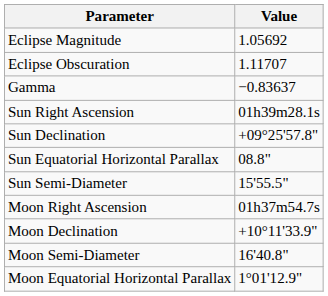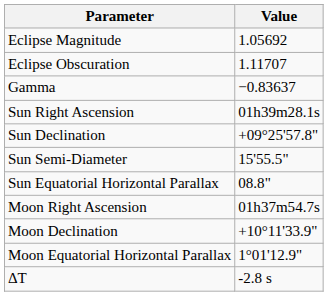 <table class="wikitable">
 <tr>
 <th>Parameter</th>
 <th>Value</th>
 </tr>
 <tr>
 <td>Eclipse Magnitude</td>
 <td>1.05692</td>
 </tr>
 <tr>
 <td>Eclipse Obscuration</td>
 <td>1.11707</td>
 </tr>
 <tr>
 <td>Gamma</td>
 <td>−0.83637</td>
 </tr>
 <tr>
 <td>Sun Right Ascension</td>
 <td>01h39m28.1s</td>
 </tr>
 <tr>
 <td>Sun Declination</td>
 <td>+09°25'57.8"</td>
 </tr>
 <tr>
+<td>Sun Semi-Diameter</td>
+<td>15'55.5"</td>
+</tr>
+<tr>
 <td>Sun Equatorial Horizontal Parallax</td>
 <td>08.8"</td>
-</tr>
-<tr>
-<td>Sun Semi-Diameter</td>
-<td>15'55.5"</td>
 </tr>
 <tr>
 <td>Moon Right Ascension</td>
 <td>01h37m54.7s</td>
 </tr>
 <tr>
 <td>Moon Declination</td>
 <td>+10°11'33.9"</td>
 </tr>
 <tr>
-<td>Moon Semi-Diameter</td>
-<td>16'40.8"</td>
-</tr>
-<tr>
 <td>Moon Equatorial Horizontal Parallax</td>
 <td>1°01'12.9"</td>
 </tr>
+<tr>
+<td>ΔT</td>
+<td>-2.8 s</td>
+</tr>
 </table>
